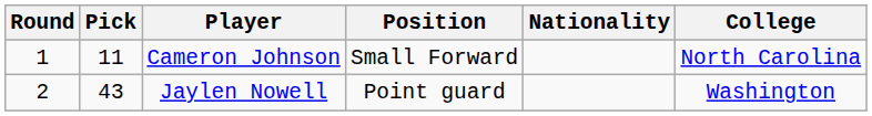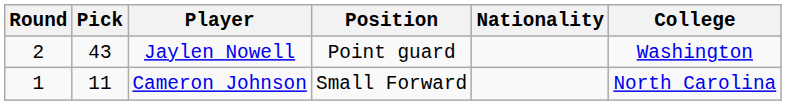 <table class="wikitable sortable sortable">
 <tr>
 <th>Round</th>
 <th>Pick</th>
 <th>Player</th>
 <th>Position</th>
 <th>Nationality</th>
 <th>College</th>
 </tr>
 <tr style="text-align: center">
+<td>2</td>
+<td>43</td>
+<td><a href='#'>Jaylen Nowell</a></td>
+<td>Point guard</td>
+<td></td>
+<td><a href='#'>Washington</a></td>
+</tr>
+<tr style="text-align: center">
 <td>1</td>
 <td>11</td>
 <td><a href='#'>Cameron Johnson</a></td>
 <td>Small Forward</td>
 <td></td>
 <td><a href='#'>North Carolina</a></td>
 </tr>
-<tr style="text-align: center">
-<td>2</td>
-<td>43</td>
-<td><a href='#'>Jaylen Nowell</a></td>
-<td>Point guard</td>
-<td></td>
-<td><a href='#'>Washington</a></td>
-</tr>
 </table>
